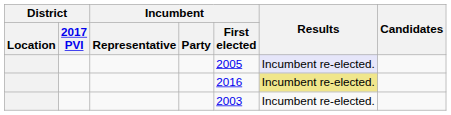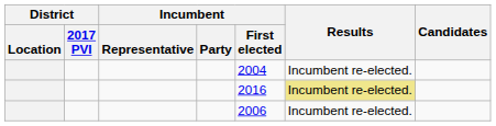 <table class="wikitable sortable">
 <tr>
 <th colspan=2>District</th>
 <th colspan=3>Incumbent</th>
 <th rowspan=2>Results</th>
 <th rowspan=2>Candidates</th>
 </tr>
 <tr valign=bottom>
 <th>Location</th>
 <th><a href='#'>2017<br>PVI</a></th>
 <th>Representative</th>
 <th>Party</th>
 <th>First<br>elected</th>
 </tr>
 <tr>
 <th></th>
 <td></td>
 <td></td>
 <td></td>
-<td><a href='#'>2005</a></td>
-<td style="background: lavender;">Incumbent re-elected.</td>
+<td><a href='#'>2004</a></td>
+<td>Incumbent re-elected.</td>
 <td nowrap></td>
 </tr>
 <tr>
 <th></th>
 <td></td>
 <td></td>
 <td></td>
 <td><a href='#'>2016</a></td>
 <td style="background: khaki;">Incumbent re-elected.</td>
 <td nowrap></td>
 </tr>
 <tr>
 <th></th>
 <td></td>
 <td></td>
 <td></td>
-<td><a href='#'>2003</a></td>
+<td><a href='#'>2006</a></td>
 <td>Incumbent re-elected.</td>
 <td nowrap></td>
 </tr>
 </table>
